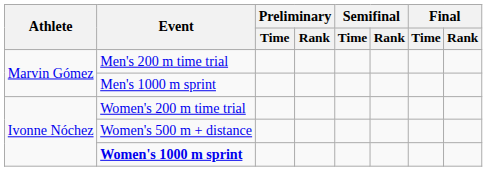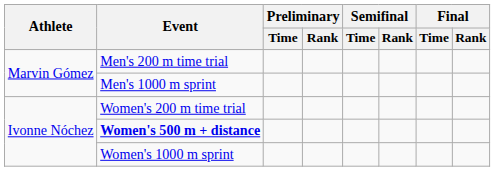 <table class=wikitable style=font-size:90%;text-align:center>
 <tr>
 <th rowspan=2>Athlete</th>
 <th rowspan=2>Event</th>
 <th colspan=2>Preliminary</th>
 <th colspan=2>Semifinal</th>
 <th colspan=2>Final</th>
 </tr>
 <tr style=font-size:95%>
 <th>Time</th>
 <th>Rank</th>
 <th>Time</th>
 <th>Rank</th>
 <th>Time</th>
 <th>Rank</th>
 </tr>
 <tr>
 <td rowspan=2 align=left><a href='#'>Marvin Gómez</a></td>
 <td align=left><a href='#'>Men's 200 m time trial</a></td>
 <td></td>
 <td></td>
 <td></td>
 <td></td>
 <td></td>
 <td></td>
 </tr>
 <tr>
 <td align=left><a href='#'>Men's 1000 m sprint</a></td>
 <td></td>
 <td></td>
 <td></td>
 <td></td>
 <td></td>
 <td></td>
 </tr>
 <tr>
 <td rowspan=3 align=left><a href='#'>Ivonne Nóchez</a></td>
 <td align=left><a href='#'>Women's 200 m time trial</a></td>
 <td></td>
 <td></td>
 <td></td>
 <td></td>
 <td></td>
 <td></td>
 </tr>
 <tr>
-<td align=left><a href='#'>Women's 500 m + distance</a></td>
+<td align=left><strong><a href='#'>Women's 500 m + distance</a></strong></td>
 <td></td>
 <td></td>
 <td></td>
 <td></td>
 <td></td>
 <td></td>
 </tr>
 <tr>
-<td align=left><strong><a href='#'>Women's 1000 m sprint</a></strong></td>
+<td align=left><a href='#'>Women's 1000 m sprint</a></td>
 <td></td>
 <td></td>
 <td></td>
 <td></td>
 <td></td>
 <td></td>
 </tr>
 </table>
